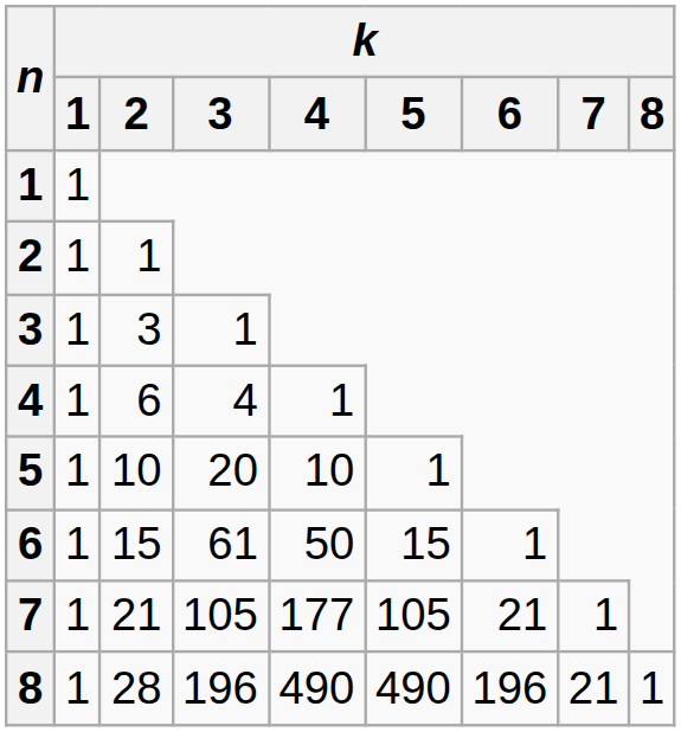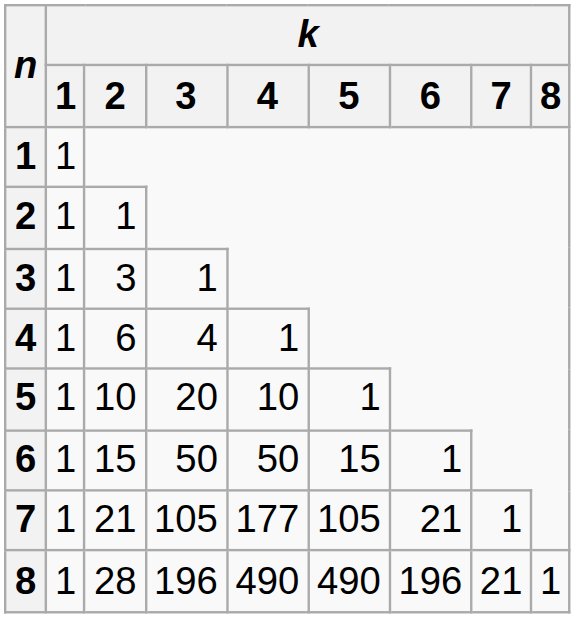 <table class=wikitable style="text-align:right;">
 <tr>
 <th rowspan=2><em>n</em></th>
 <th colspan=8><em>k</em></th>
 </tr>
 <tr>
 <th>1</th>
 <th>2</th>
 <th>3</th>
 <th>4</th>
 <th>5</th>
 <th>6</th>
 <th>7</th>
 <th>8</th>
 </tr>
 <tr>
 <th>1</th>
 <td>1</td>
 </tr>
 <tr>
 <th>2</th>
 <td>1</td>
 <td>1</td>
 </tr>
 <tr>
 <th>3</th>
 <td>1</td>
 <td>3</td>
 <td>1</td>
 </tr>
 <tr>
 <th>4</th>
 <td>1</td>
 <td>6</td>
 <td>4</td>
 <td>1</td>
 </tr>
 <tr>
 <th>5</th>
 <td>1</td>
 <td>10</td>
 <td>20</td>
 <td>10</td>
 <td>1</td>
 </tr>
 <tr>
 <th>6</th>
 <td>1</td>
 <td>15</td>
-<td>61</td>
+<td>50</td>
 <td>50</td>
 <td>15</td>
 <td>1</td>
 </tr>
 <tr>
 <th>7</th>
 <td>1</td>
 <td>21</td>
 <td>105</td>
 <td>177</td>
 <td>105</td>
 <td>21</td>
 <td>1</td>
 </tr>
 <tr>
 <th>8</th>
 <td>1</td>
 <td>28</td>
 <td>196</td>
 <td>490</td>
 <td>490</td>
 <td>196</td>
 <td>21</td>
 <td>1</td>
 </tr>
 </table>
